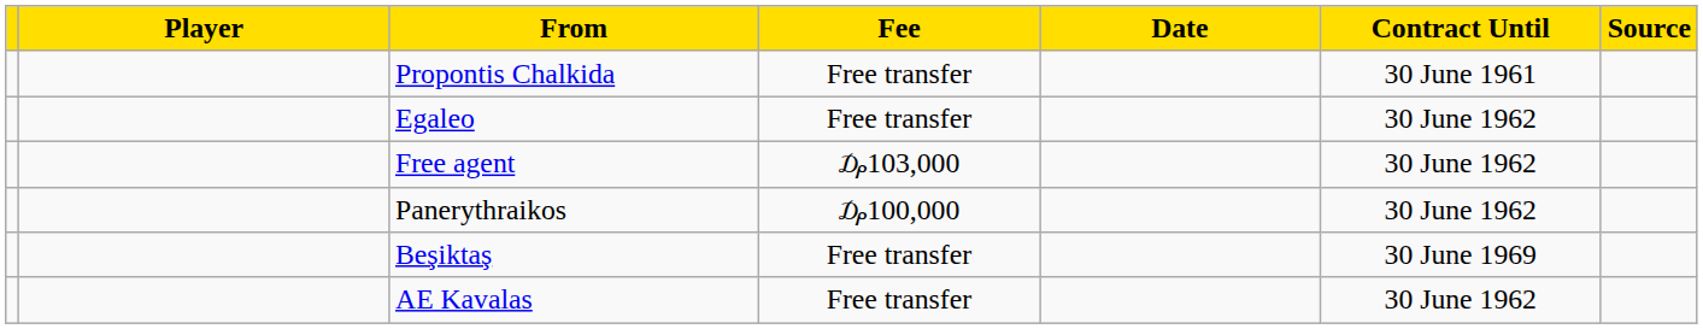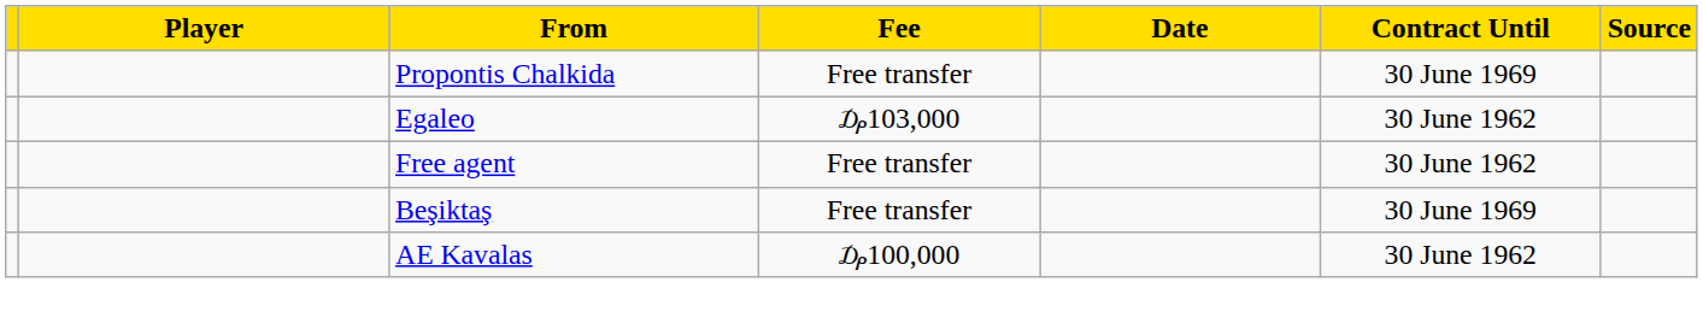 <table class="wikitable sortable">
 <tr>
 <th style="background:#FFDE00"></th>
 <th width=200 style="background:#FFDE00">Player</th>
 <th width=200 style="background:#FFDE00">From</th>
 <th width=150 style="background:#FFDE00">Fee</th>
 <th width=150 style="background:#FFDE00">Date</th>
 <th width=150 style="background:#FFDE00">Contract Until</th>
 <th style="background:#FFDE00">Source</th>
 </tr>
 <tr>
 <td align=center></td>
 <td></td>
 <td> <a href='#'>Propontis Chalkida</a></td>
 <td align=center>Free transfer</td>
 <td align=center></td>
-<td align=center>30 June 1961</td>
+<td align=center>30 June 1969</td>
 <td align=center></td>
 </tr>
 <tr>
 <td align=center></td>
 <td></td>
 <td> <a href='#'>Egaleo</a></td>
-<td align=center>Free transfer</td>
+<td align=center>₯103,000</td>
 <td align=center></td>
 <td align=center>30 June 1962</td>
 <td align=center></td>
 </tr>
 <tr>
 <td align=center></td>
 <td></td>
 <td><a href='#'>Free agent</a></td>
-<td align=center>₯103,000</td>
-<td align=center></td>
-<td align=center>30 June 1962</td>
-<td align=center></td>
-</tr>
-<tr>
-<td align=center></td>
-<td></td>
-<td> Panerythraikos</td>
-<td align=center>₯100,000</td>
+<td align=center>Free transfer</td>
 <td align=center></td>
 <td align=center>30 June 1962</td>
 <td align=center></td>
 </tr>
 <tr>
 <td align=center></td>
 <td></td>
 <td> <a href='#'>Beşiktaş</a></td>
 <td align=center>Free transfer</td>
 <td align=center></td>
 <td align=center>30 June 1969</td>
 <td align=center></td>
 </tr>
 <tr>
 <td align=center></td>
 <td></td>
 <td> <a href='#'>AE Kavalas</a></td>
-<td align=center>Free transfer</td>
+<td align=center>₯100,000</td>
 <td align=center></td>
 <td align=center>30 June 1962</td>
 <td align=center></td>
 </tr>
 </table>
